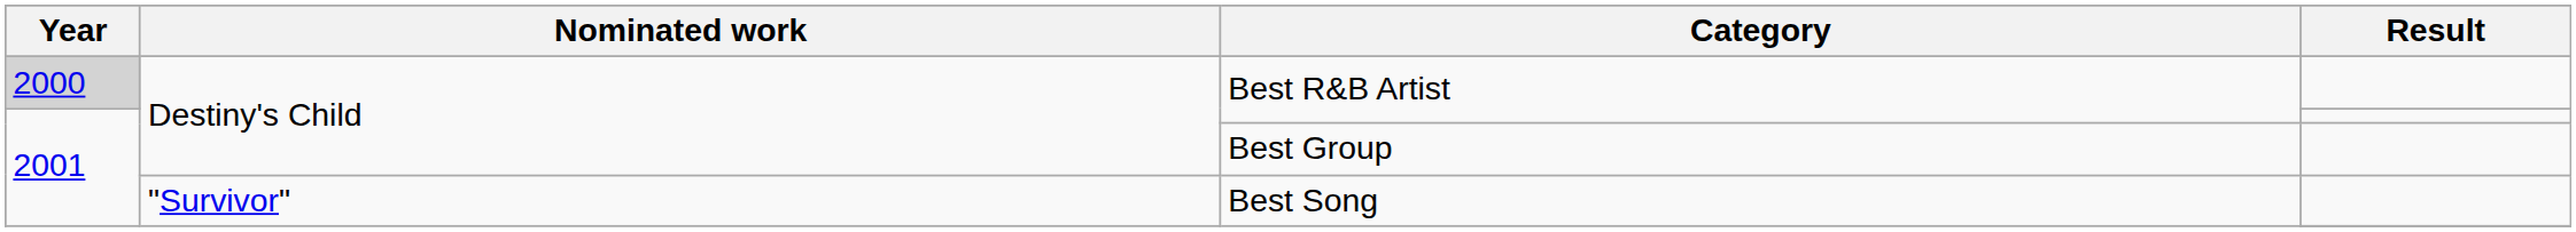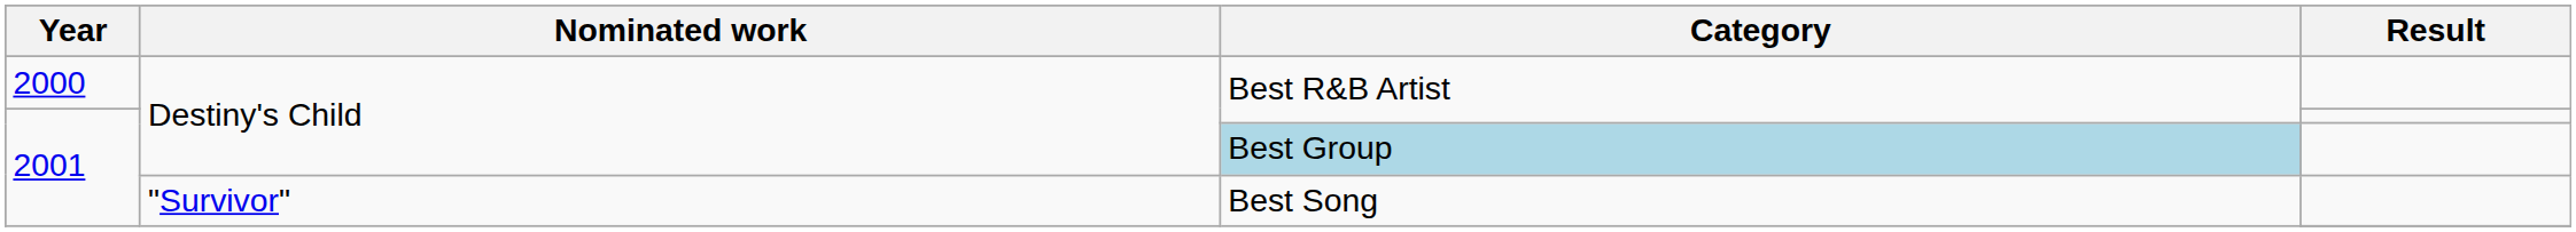 <table class="wikitable" width="100%">
 <tr>
 <th width="5%">Year</th>
 <th width="40%">Nominated work</th>
 <th width="40%">Category</th>
 <th width="10%">Result</th>
 </tr>
 <tr>
-<td style="background: lightgrey;"><a href='#'>2000</a></td>
+<td><a href='#'>2000</a></td>
 <td rowspan="3">Destiny's Child</td>
 <td rowspan="2">Best R&B Artist</td>
 <td></td>
 </tr>
 <tr>
 <td rowspan="4"><a href='#'>2001</a></td>
 <td></td>
 </tr>
 <tr>
-<td>Best Group</td>
+<td style="background: lightblue;">Best Group</td>
 <td></td>
 </tr>
 <tr>
 <td rowspan="2">"<a href='#'>Survivor</a>"</td>
 <td rowspan="2">Best Song</td>
 <td></td>
 </tr>
 <tr>
 </tr>
 </table>
